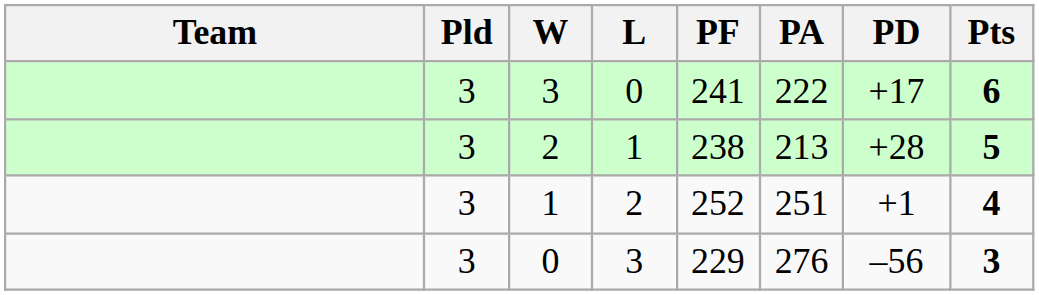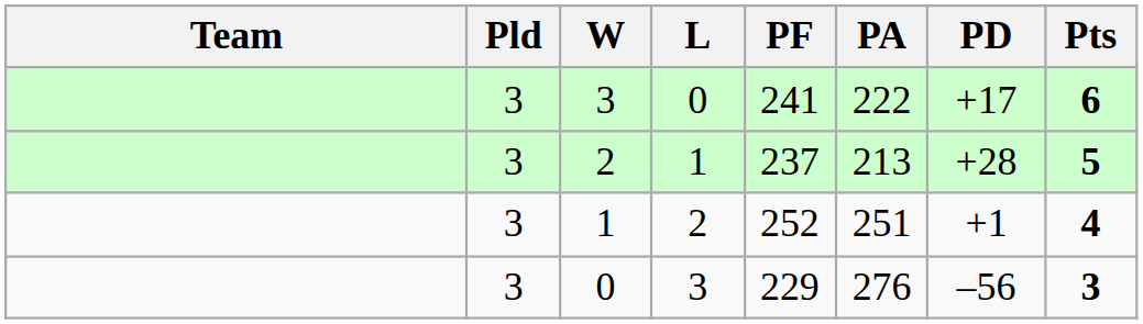 <table class=wikitable style="text-align:center">
 <tr>
 <th width=180>Team</th>
 <th width=30>Pld</th>
 <th width=30>W</th>
 <th width=30>L</th>
 <th width=30>PF</th>
 <th width=30>PA</th>
 <th width=40>PD</th>
 <th width=30>Pts</th>
 </tr>
 <tr bgcolor="#ccffcc">
 <td align="left"></td>
 <td>3</td>
 <td>3</td>
 <td>0</td>
 <td>241</td>
 <td>222</td>
 <td>+17</td>
 <td><strong>6</strong></td>
 </tr>
 <tr bgcolor="#ccffcc">
 <td align="left"></td>
 <td>3</td>
 <td>2</td>
 <td>1</td>
-<td>238</td>
+<td>237</td>
 <td>213</td>
 <td>+28</td>
 <td><strong>5</strong></td>
 </tr>
 <tr>
 <td align="left"></td>
 <td>3</td>
 <td>1</td>
 <td>2</td>
 <td>252</td>
 <td>251</td>
 <td>+1</td>
 <td><strong>4</strong></td>
 </tr>
 <tr>
 <td align="left"></td>
 <td>3</td>
 <td>0</td>
 <td>3</td>
 <td>229</td>
 <td>276</td>
 <td>–56</td>
 <td><strong>3</strong></td>
 </tr>
 </table>
